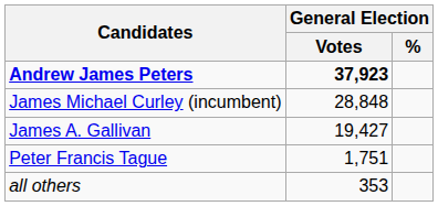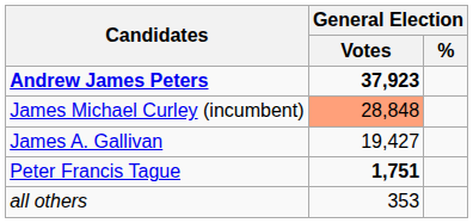 <table class=wikitable>
 <tr>
 <th colspan=1 rowspan=2><strong>Candidates</strong></th>
 <th colspan=2><strong>General Election</strong></th>
 </tr>
 <tr>
 <th>Votes</th>
 <th>%</th>
 </tr>
 <tr>
 <td><strong><a href='#'>Andrew James Peters</a></strong></td>
 <td align="right"><strong>37,923</strong></td>
 <td align="right"><strong></strong></td>
 </tr>
 <tr>
 <td><a href='#'>James Michael Curley</a> (incumbent)</td>
-<td align="right">28,848</td>
+<td align="right" style="background: lightsalmon;">28,848</td>
 <td align="right"></td>
 </tr>
 <tr>
 <td><a href='#'>James A. Gallivan</a></td>
 <td align="right">19,427</td>
 <td align="right"></td>
 </tr>
 <tr>
 <td><a href='#'>Peter Francis Tague</a></td>
-<td align="right">1,751</td>
+<td align="right"><strong>1,751</strong></td>
 <td align="right"></td>
 </tr>
 <tr>
 <td><em>all others</em></td>
 <td align="right">353</td>
 <td align="right"></td>
 </tr>
 <tr>
 </tr>
 </table>
